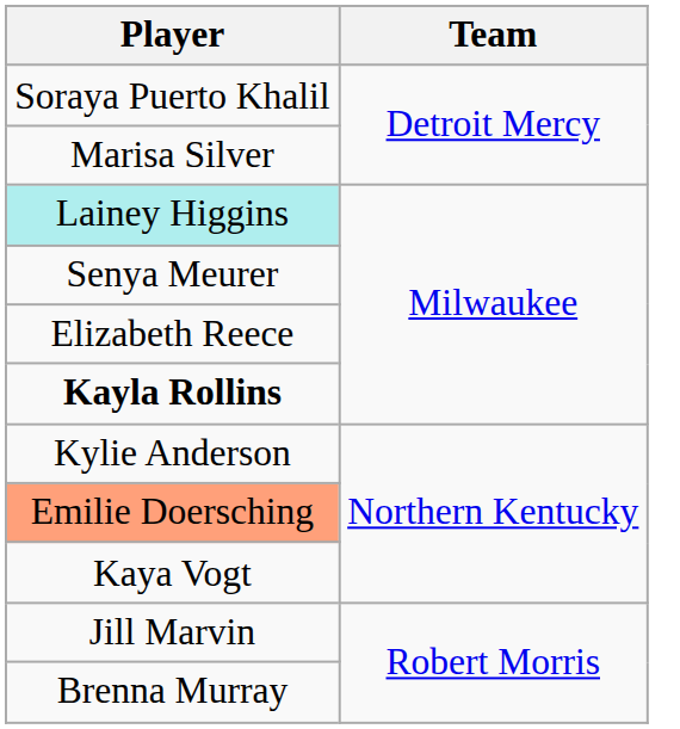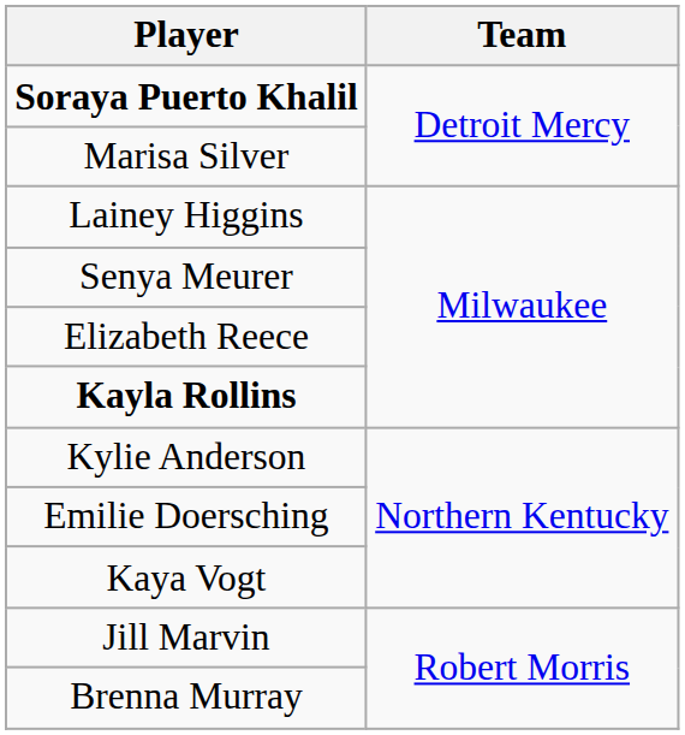 <table class="wikitable" style="text-align: center;">
 <tr>
 <th>Player</th>
 <th>Team</th>
 </tr>
 <tr>
-<td>Soraya Puerto Khalil</td>
+<td><strong>Soraya Puerto Khalil</strong></td>
 <td rowspan=2><a href='#'>Detroit Mercy</a></td>
 </tr>
 <tr>
 <td>Marisa Silver</td>
 </tr>
 <tr>
-<td style="background: paleturquoise;">Lainey Higgins</td>
+<td>Lainey Higgins</td>
 <td rowspan=4><a href='#'>Milwaukee</a></td>
 </tr>
 <tr>
 <td>Senya Meurer</td>
 </tr>
 <tr>
 <td>Elizabeth Reece</td>
 </tr>
 <tr>
 <td><strong>Kayla Rollins</strong></td>
 </tr>
 <tr>
 <td>Kylie Anderson</td>
 <td rowspan=3><a href='#'>Northern Kentucky</a></td>
 </tr>
 <tr>
-<td style="background: lightsalmon;">Emilie Doersching</td>
+<td>Emilie Doersching</td>
 </tr>
 <tr>
 <td>Kaya Vogt</td>
 </tr>
 <tr>
 <td>Jill Marvin</td>
 <td rowspan=2><a href='#'>Robert Morris</a></td>
 </tr>
 <tr>
 <td>Brenna Murray</td>
 </tr>
 </table>
